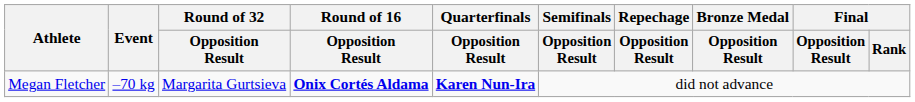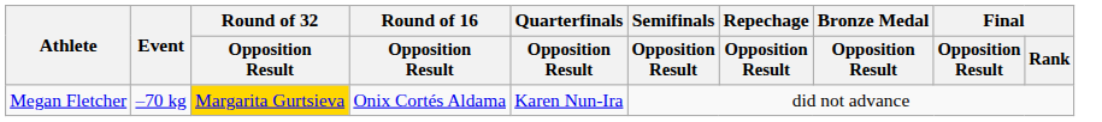 <table class="wikitable" style="font-size:90%;">
 <tr>
 <th rowspan=2>Athlete</th>
 <th rowspan=2>Event</th>
 <th>Round of 32</th>
 <th>Round of 16</th>
 <th>Quarterfinals</th>
 <th>Semifinals</th>
 <th>Repechage</th>
 <th>Bronze Medal</th>
 <th colspan=2>Final</th>
 </tr>
 <tr style="font-size:95%">
 <th>Opposition<br>Result</th>
 <th>Opposition<br>Result</th>
 <th>Opposition<br>Result</th>
 <th>Opposition<br>Result</th>
 <th>Opposition<br>Result</th>
 <th>Opposition<br>Result</th>
 <th>Opposition<br>Result</th>
 <th>Rank</th>
 </tr>
 <tr align=center>
 <td align=left><a href='#'>Megan Fletcher</a></td>
 <td align=left><a href='#'>–70 kg</a></td>
-<td> <a href='#'>Margarita Gurtsieva</a></td>
-<td><strong> <a href='#'>Onix Cortés Aldama</a></strong></td>
-<td><strong> <a href='#'>Karen Nun-Ira</a></strong></td>
+<td style="background: gold;"> <a href='#'>Margarita Gurtsieva</a></td>
+<td> <a href='#'>Onix Cortés Aldama</a></td>
+<td> <a href='#'>Karen Nun-Ira</a></td>
 <td colspan=5>did not advance</td>
 </tr>
 </table>
